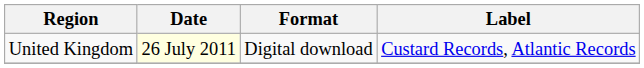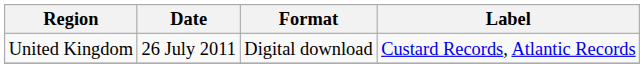 <table class=wikitable>
 <tr>
 <th>Region</th>
 <th>Date</th>
 <th>Format</th>
 <th>Label</th>
 </tr>
 <tr>
 <td>United Kingdom</td>
-<td style="background: lightyellow;">26 July 2011</td>
+<td>26 July 2011</td>
 <td>Digital download</td>
 <td><a href='#'>Custard Records</a>, <a href='#'>Atlantic Records</a></td>
 </tr>
 <tr>
 </tr>
 </table>
